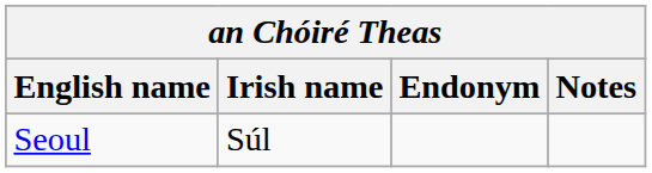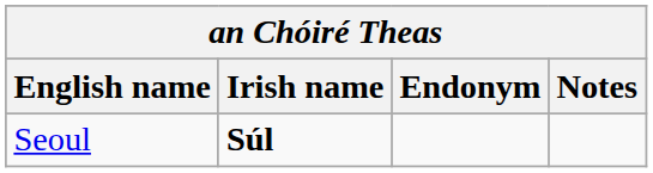 <table class="wikitable sortable">
 <tr>
 <th colspan="4"> <em>an Chóiré Theas</em></th>
 </tr>
 <tr>
 <th>English name</th>
 <th>Irish name</th>
 <th>Endonym</th>
 <th>Notes</th>
 </tr>
 <tr>
 <td><a href='#'>Seoul</a></td>
-<td>Súl</td>
+<td><strong>Súl</strong></td>
 <td></td>
 <td></td>
 </tr>
 </table>
